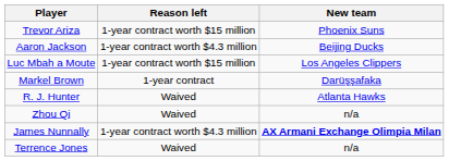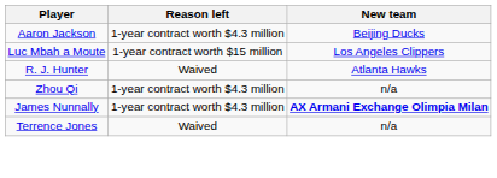 <table class="wikitable sortable sortable" style="text-align: center">
 <tr>
 <th>Player</th>
 <th>Reason left</th>
 <th>New team</th>
-</tr>
-<tr style="text-align: center">
-<td><a href='#'>Trevor Ariza</a></td>
-<td>1-year contract worth $15 million</td>
-<td><a href='#'>Phoenix Suns</a></td>
 </tr>
 <tr style="text-align: center">
 <td><a href='#'>Aaron Jackson</a></td>
 <td>1-year contract worth $4.3 million</td>
 <td> <a href='#'>Beijing Ducks</a></td>
 </tr>
 <tr style="text-align: center">
 <td><a href='#'>Luc Mbah a Moute</a></td>
 <td>1-year contract worth $15 million</td>
 <td><a href='#'>Los Angeles Clippers</a></td>
 </tr>
 <tr style="text-align: center">
-<td><a href='#'>Markel Brown</a></td>
-<td>1-year contract</td>
-<td> <a href='#'>Darüşşafaka</a></td>
-</tr>
-<tr style="text-align: center">
 <td><a href='#'>R. J. Hunter</a></td>
 <td>Waived</td>
 <td><a href='#'>Atlanta Hawks</a></td>
 </tr>
 <tr style="text-align: center">
 <td><a href='#'>Zhou Qi</a></td>
-<td>Waived</td>
+<td>1-year contract worth $4.3 million</td>
 <td>n/a</td>
 </tr>
 <tr style="text-align: center">
 <td><a href='#'>James Nunnally</a></td>
 <td>1-year contract worth $4.3 million</td>
 <td><strong> <a href='#'>AX Armani Exchange Olimpia Milan</a></strong></td>
 </tr>
 <tr style="text-align: center">
 <td><a href='#'>Terrence Jones</a></td>
 <td>Waived</td>
 <td>n/a</td>
 </tr>
 </table>
